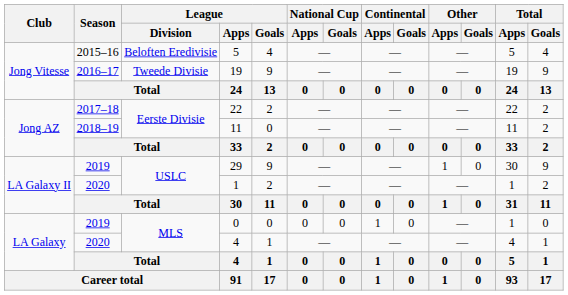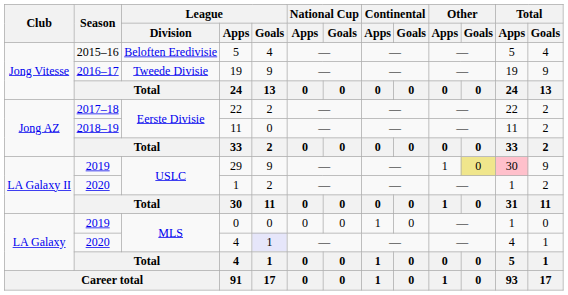 <table class="wikitable" style="text-align:center">
 <tr>
 <th rowspan="2">Club</th>
 <th rowspan="2">Season</th>
 <th colspan="3">League</th>
 <th colspan="2">National Cup</th>
 <th colspan="2">Continental</th>
 <th colspan="2">Other</th>
 <th colspan="2">Total</th>
 </tr>
 <tr>
 <th>Division</th>
 <th>Apps</th>
 <th>Goals</th>
 <th>Apps</th>
 <th>Goals</th>
 <th>Apps</th>
 <th>Goals</th>
 <th>Apps</th>
 <th>Goals</th>
 <th>Apps</th>
 <th>Goals</th>
 </tr>
 <tr>
 <td rowspan="3"><a href='#'>Jong Vitesse</a></td>
 <td>2015–16</td>
 <td><a href='#'>Beloften Eredivisie</a></td>
 <td>5</td>
 <td>4</td>
 <td colspan="2">—</td>
 <td colspan="2">—</td>
 <td colspan="2">—</td>
 <td>5</td>
 <td>4</td>
 </tr>
 <tr>
 <td><a href='#'>2016–17</a></td>
 <td><a href='#'>Tweede Divisie</a></td>
 <td>19</td>
 <td>9</td>
 <td colspan="2">—</td>
 <td colspan="2">—</td>
 <td colspan="2">—</td>
 <td>19</td>
 <td>9</td>
 </tr>
 <tr>
 <th colspan="2">Total</th>
 <th>24</th>
 <th>13</th>
 <th>0</th>
 <th>0</th>
 <th>0</th>
 <th>0</th>
 <th>0</th>
 <th>0</th>
 <th>24</th>
 <th>13</th>
 </tr>
 <tr>
 <td rowspan="3"><a href='#'>Jong AZ</a></td>
 <td><a href='#'>2017–18</a></td>
 <td rowspan="2"><a href='#'>Eerste Divisie</a></td>
 <td>22</td>
 <td>2</td>
 <td colspan="2">—</td>
 <td colspan="2">—</td>
 <td colspan="2">—</td>
 <td>22</td>
 <td>2</td>
 </tr>
 <tr>
 <td><a href='#'>2018–19</a></td>
 <td>11</td>
 <td>0</td>
 <td colspan="2">—</td>
 <td colspan="2">—</td>
 <td colspan="2">—</td>
 <td>11</td>
 <td>2</td>
 </tr>
 <tr>
 <th colspan="2">Total</th>
 <th>33</th>
 <th>2</th>
 <th>0</th>
 <th>0</th>
 <th>0</th>
 <th>0</th>
 <th>0</th>
 <th>0</th>
 <th>33</th>
 <th>2</th>
 </tr>
 <tr>
 <td rowspan="3"><a href='#'>LA Galaxy II</a></td>
 <td><a href='#'>2019</a></td>
 <td rowspan="2"><a href='#'>USLC</a></td>
 <td>29</td>
 <td>9</td>
 <td colspan="2">—</td>
 <td colspan="2">—</td>
 <td>1</td>
-<td>0</td>
-<td>30</td>
+<td style="background: khaki;">0</td>
+<td style="background: pink;">30</td>
 <td>9</td>
 </tr>
 <tr>
 <td><a href='#'>2020</a></td>
 <td>1</td>
 <td>2</td>
 <td colspan="2">—</td>
 <td colspan="2">—</td>
 <td colspan="2">—</td>
 <td>1</td>
 <td>2</td>
 </tr>
 <tr>
 <th colspan="2">Total</th>
 <th>30</th>
 <th>11</th>
 <th>0</th>
 <th>0</th>
 <th>0</th>
 <th>0</th>
 <th>1</th>
 <th>0</th>
 <th>31</th>
 <th>11</th>
 </tr>
 <tr>
 <td rowspan="3"><a href='#'>LA Galaxy</a></td>
 <td><a href='#'>2019</a></td>
 <td rowspan="2"><a href='#'>MLS</a></td>
 <td>0</td>
 <td>0</td>
 <td>0</td>
 <td>0</td>
 <td>1</td>
 <td>0</td>
 <td colspan="2">—</td>
 <td>1</td>
 <td>0</td>
 </tr>
 <tr>
 <td><a href='#'>2020</a></td>
 <td>4</td>
-<td>1</td>
+<td style="background: lavender;">1</td>
 <td colspan="2">—</td>
 <td colspan="2">—</td>
 <td colspan="2">—</td>
 <td>4</td>
 <td>1</td>
 </tr>
 <tr>
 <th colspan="2">Total</th>
 <th>4</th>
 <th>1</th>
 <th>0</th>
 <th>0</th>
 <th>1</th>
 <th>0</th>
 <th>0</th>
 <th>0</th>
 <th>5</th>
 <th>1</th>
 </tr>
 <tr>
 <th colspan="3">Career total</th>
 <th>91</th>
 <th>17</th>
 <th>0</th>
 <th>0</th>
 <th>1</th>
 <th>0</th>
 <th>1</th>
 <th>0</th>
 <th>93</th>
 <th>17</th>
 </tr>
 </table>
